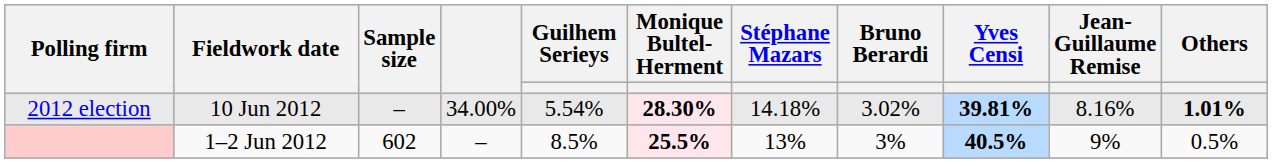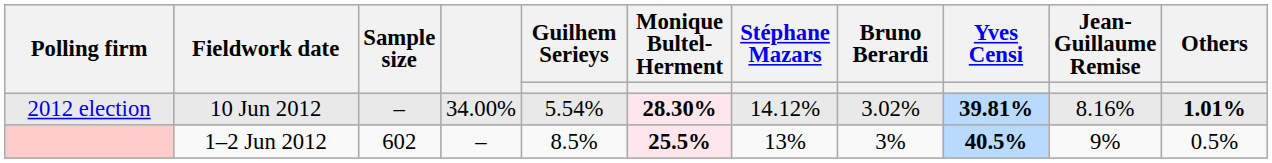 <table class="wikitable sortable" style="text-align:center;font-size:90%;line-height:14px;">
 <tr style="height:40px;">
 <th style="width:100px;" rowspan="2">Polling firm</th>
 <th style="width:110px;" rowspan="2">Fieldwork date</th>
 <th style="width:35px;" rowspan="2">Sample<br>size</th>
 <th style="width:30px;" rowspan="2"></th>
 <th class="unsortable" style="width:60px;">Guilhem Serieys<br></th>
 <th class="unsortable" style="width:60px;">Monique Bultel-Herment<br></th>
 <th class="unsortable" style="width:60px;"><a href='#'>Stéphane Mazars</a><br></th>
 <th class="unsortable" style="width:60px;">Bruno Berardi<br></th>
 <th class="unsortable" style="width:60px;"><a href='#'>Yves Censi</a><br></th>
 <th class="unsortable" style="width:60px;">Jean-Guillaume Remise<br></th>
 <th class="unsortable" style="width:60px;">Others</th>
 </tr>
 <tr>
 <th style="background:"></th>
 <th style="background:"></th>
 <th style="background:"></th>
 <th style="background:"></th>
 <th style="background:"></th>
 <th style="background:"></th>
 <th style="background:"></th>
 </tr>
 <tr style="background:#E9E9E9;">
 <td><a href='#'>2012 election</a></td>
 <td data-sort-value="2012-06-10">10 Jun 2012</td>
 <td>–</td>
 <td>34.00%</td>
 <td>5.54%</td>
 <td style="background:#FFE6EC;"><strong>28.30%</strong></td>
-<td>14.18%</td>
+<td>14.12%</td>
 <td>3.02%</td>
 <td style="background:#B9DAFF;"><strong>39.81%</strong></td>
 <td>8.16%</td>
 <td><strong>1.01%</strong></td>
 </tr>
 <tr>
 <td style="background:#FFCCCC;"></td>
 <td data-sort-value="2012-06-02">1–2 Jun 2012</td>
 <td>602</td>
 <td>–</td>
 <td>8.5%</td>
 <td style="background:#FFE6EC;"><strong>25.5%</strong></td>
 <td>13%</td>
 <td>3%</td>
 <td style="background:#B9DAFF;"><strong>40.5%</strong></td>
 <td>9%</td>
 <td>0.5%</td>
 </tr>
 </table>
